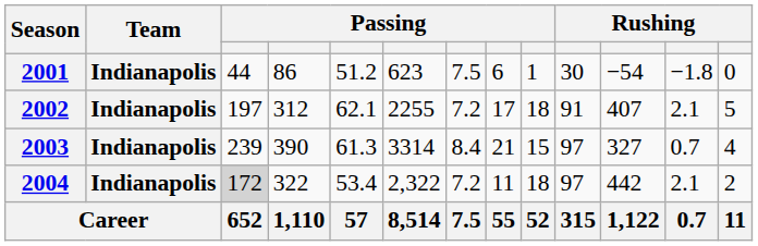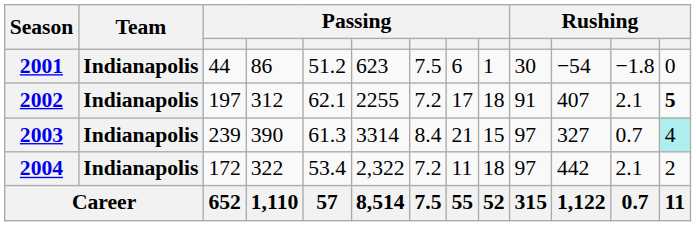 <table class="wikitable sortable">
 <tr>
 <th rowspan="2">Season<br></th>
 <th rowspan="2">Team</th>
 <th colspan="7">Passing</th>
 <th colspan="4">Rushing</th>
 </tr>
 <tr>
 <th></th>
 <th></th>
 <th></th>
 <th></th>
 <th></th>
 <th></th>
 <th></th>
 <th></th>
 <th></th>
 <th></th>
 <th></th>
 </tr>
 <tr>
 <th><a href='#'>2001</a></th>
 <th>Indianapolis</th>
 <td>44</td>
 <td>86</td>
 <td>51.2</td>
 <td>623</td>
 <td>7.5</td>
 <td>6</td>
 <td>1</td>
 <td>30</td>
 <td>−54</td>
 <td>−1.8</td>
 <td>0</td>
 </tr>
 <tr>
 <th><a href='#'>2002</a></th>
 <th>Indianapolis</th>
 <td>197</td>
 <td>312</td>
 <td>62.1</td>
 <td>2255</td>
 <td>7.2</td>
 <td>17</td>
 <td>18</td>
 <td>91</td>
 <td>407</td>
 <td>2.1</td>
-<td>5</td>
+<td><strong>5</strong></td>
 </tr>
 <tr>
 <th><a href='#'>2003</a></th>
 <th>Indianapolis</th>
 <td>239</td>
 <td>390</td>
 <td>61.3</td>
 <td>3314</td>
 <td>8.4</td>
 <td>21</td>
 <td>15</td>
 <td>97</td>
 <td>327</td>
 <td>0.7</td>
-<td>4</td>
+<td style="background: paleturquoise;">4</td>
 </tr>
 <tr>
 <th><a href='#'>2004</a></th>
 <th>Indianapolis</th>
-<td style="background: lightgrey;">172</td>
+<td>172</td>
 <td>322</td>
 <td>53.4</td>
 <td>2,322</td>
 <td>7.2</td>
 <td>11</td>
 <td>18</td>
 <td>97</td>
 <td>442</td>
 <td>2.1</td>
 <td>2</td>
 </tr>
 <tr>
 <th colspan="2">Career</th>
 <th>652</th>
 <th>1,110</th>
 <th>57</th>
 <th>8,514</th>
 <th>7.5</th>
 <th>55</th>
 <th>52</th>
 <th>315</th>
 <th>1,122</th>
 <th>0.7</th>
 <th>11</th>
 </tr>
 </table>
